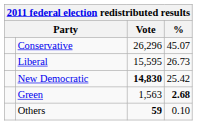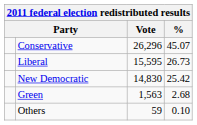 <table class="wikitable">
 <tr>
 <th colspan="4"><a href='#'>2011 federal election</a> redistributed results</th>
 </tr>
 <tr>
 <th bgcolor="#DDDDFF" width="130px" colspan="2">Party</th>
 <th bgcolor="#DDDDFF" width="50px">Vote</th>
 <th bgcolor="#DDDDFF" width="30px">%</th>
 </tr>
 <tr>
 <td> </td>
 <td><a href='#'>Conservative</a></td>
 <td align=right>26,296</td>
 <td align=right>45.07</td>
 </tr>
 <tr>
 <td> </td>
 <td><a href='#'>Liberal</a></td>
 <td align=right>15,595</td>
 <td align=right>26.73</td>
 </tr>
 <tr>
 <td> </td>
 <td><a href='#'>New Democratic</a></td>
-<td align=right><strong>14,830</strong></td>
+<td align=right>14,830</td>
 <td align=right>25.42</td>
 </tr>
 <tr>
 <td> </td>
 <td><a href='#'>Green</a></td>
 <td align=right>1,563</td>
-<td align=right><strong>2.68</strong></td>
+<td align=right>2.68</td>
 </tr>
 <tr>
 <td> </td>
 <td>Others</td>
-<td align=right><strong>59</strong></td>
+<td align=right>59</td>
 <td align=right>0.10</td>
 </tr>
 </table>
